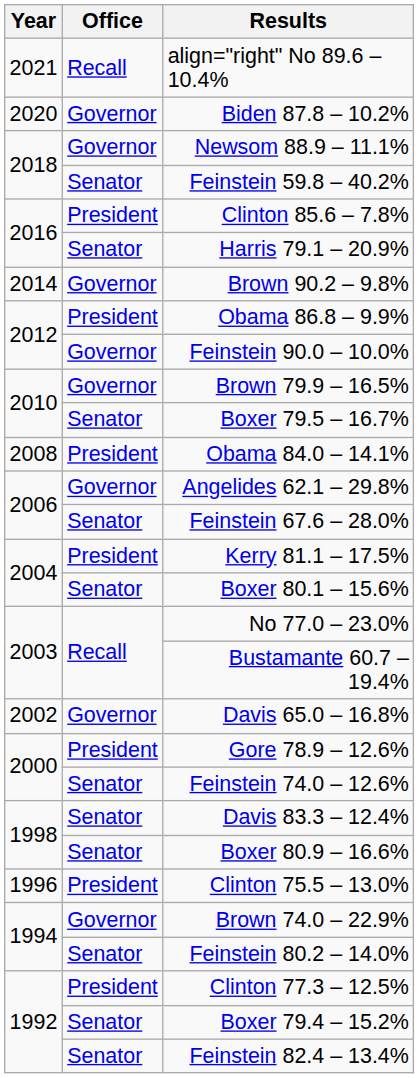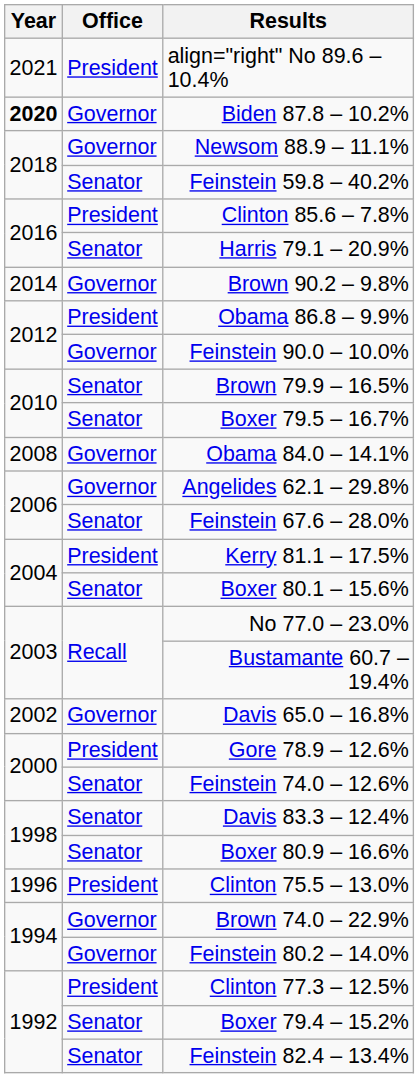 <table class=wikitable>
 <tr>
 <th width="30">Year</th>
 <th width="60">Office</th>
 <th width="180">Results</th>
 </tr>
 <tr>
 <td>2021</td>
-<td><a href='#'>Recall</a></td>
+<td><a href='#'>President</a></td>
 <td>align="right"  No 89.6 – 10.4%</td>
 </tr>
 <tr>
-<td rowspan="1">2020</td>
+<td rowspan="1"><strong>2020</strong></td>
 <td><a href='#'>Governor</a></td>
 <td align="right" ><a href='#'>Biden</a> 87.8 – 10.2%</td>
 </tr>
 <tr>
 <td rowspan="2">2018</td>
 <td><a href='#'>Governor</a></td>
 <td align="right" ><a href='#'>Newsom</a> 88.9 – 11.1%</td>
 </tr>
 <tr>
 <td><a href='#'>Senator</a></td>
 <td align="right" ><a href='#'>Feinstein</a> 59.8 – 40.2%</td>
 </tr>
 <tr>
 <td rowspan="2">2016</td>
 <td><a href='#'>President</a></td>
 <td align="right" ><a href='#'>Clinton</a> 85.6 –  7.8%</td>
 </tr>
 <tr>
 <td><a href='#'>Senator</a></td>
 <td align="right" ><a href='#'>Harris</a> 79.1 – 20.9%</td>
 </tr>
 <tr>
 <td>2014</td>
 <td><a href='#'>Governor</a></td>
 <td align="right" ><a href='#'>Brown</a> 90.2 –  9.8%</td>
 </tr>
 <tr>
 <td rowspan="2">2012</td>
 <td><a href='#'>President</a></td>
 <td align="right" ><a href='#'>Obama</a> 86.8 –  9.9%</td>
 </tr>
 <tr>
 <td><a href='#'>Governor</a></td>
 <td align="right" ><a href='#'>Feinstein</a> 90.0 – 10.0%</td>
 </tr>
 <tr>
 <td rowspan="2">2010</td>
-<td><a href='#'>Governor</a></td>
+<td><a href='#'>Senator</a></td>
 <td align="right" ><a href='#'>Brown</a> 79.9 – 16.5%</td>
 </tr>
 <tr>
 <td><a href='#'>Senator</a></td>
 <td align="right" ><a href='#'>Boxer</a> 79.5 – 16.7%</td>
 </tr>
 <tr>
 <td>2008</td>
-<td><a href='#'>President</a></td>
+<td><a href='#'>Governor</a></td>
 <td align="right" ><a href='#'>Obama</a> 84.0 – 14.1%</td>
 </tr>
 <tr>
 <td rowspan="2">2006</td>
 <td><a href='#'>Governor</a></td>
 <td align="right" ><a href='#'>Angelides</a> 62.1 – 29.8%</td>
 </tr>
 <tr>
 <td><a href='#'>Senator</a></td>
 <td align="right" ><a href='#'>Feinstein</a> 67.6 – 28.0%</td>
 </tr>
 <tr>
 <td rowspan="2">2004</td>
 <td><a href='#'>President</a></td>
 <td align="right" ><a href='#'>Kerry</a> 81.1 – 17.5%</td>
 </tr>
 <tr>
 <td><a href='#'>Senator</a></td>
 <td align="right" ><a href='#'>Boxer</a> 80.1 – 15.6%</td>
 </tr>
 <tr>
 <td rowspan="2">2003</td>
 <td rowspan="2"><a href='#'>Recall</a></td>
 <td align="right">No 77.0 – 23.0%</td>
 </tr>
 <tr>
 <td align="right" ><a href='#'>Bustamante</a> 60.7 – 19.4%</td>
 </tr>
 <tr>
 <td>2002</td>
 <td><a href='#'>Governor</a></td>
 <td align="right" ><a href='#'>Davis</a> 65.0 – 16.8%</td>
 </tr>
 <tr>
 <td rowspan="2">2000</td>
 <td><a href='#'>President</a></td>
 <td align="right" ><a href='#'>Gore</a> 78.9 – 12.6%</td>
 </tr>
 <tr>
 <td><a href='#'>Senator</a></td>
 <td align="right" ><a href='#'>Feinstein</a> 74.0 – 12.6%</td>
 </tr>
 <tr>
 <td rowspan="2">1998</td>
 <td><a href='#'>Senator</a></td>
 <td align="right" ><a href='#'>Davis</a> 83.3 – 12.4%</td>
 </tr>
 <tr>
 <td><a href='#'>Senator</a></td>
 <td align="right" ><a href='#'>Boxer</a> 80.9 – 16.6%</td>
 </tr>
 <tr>
 <td>1996</td>
 <td><a href='#'>President</a></td>
 <td align="right" ><a href='#'>Clinton</a> 75.5 – 13.0%</td>
 </tr>
 <tr>
 <td rowspan="2">1994</td>
 <td><a href='#'>Governor</a></td>
 <td align="right" ><a href='#'>Brown</a> 74.0 – 22.9%</td>
 </tr>
 <tr>
-<td><a href='#'>Senator</a></td>
+<td><a href='#'>Governor</a></td>
 <td align="right" ><a href='#'>Feinstein</a> 80.2 – 14.0%</td>
 </tr>
 <tr>
 <td rowspan="3">1992</td>
 <td><a href='#'>President</a></td>
 <td align="right" ><a href='#'>Clinton</a> 77.3 – 12.5%</td>
 </tr>
 <tr>
 <td><a href='#'>Senator</a></td>
 <td align="right" ><a href='#'>Boxer</a> 79.4 – 15.2%</td>
 </tr>
 <tr>
 <td><a href='#'>Senator</a></td>
 <td align="right" ><a href='#'>Feinstein</a> 82.4 – 13.4%</td>
 </tr>
 </table>
